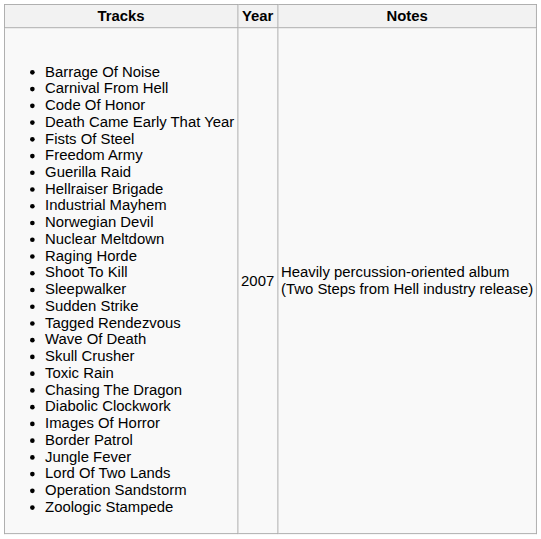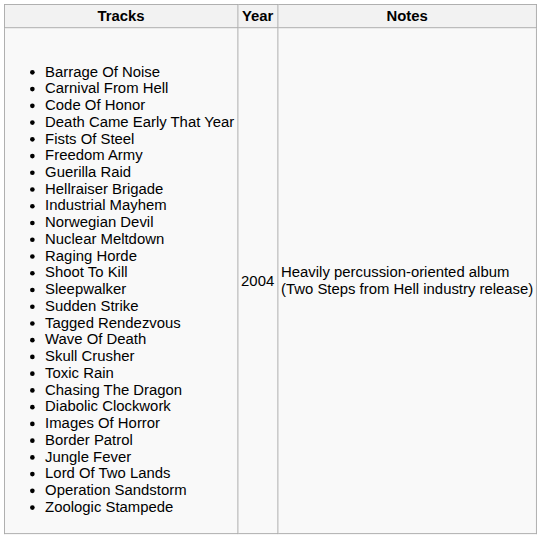 <table class="wikitable sortable">
 <tr>
 <th>Tracks</th>
 <th>Year</th>
 <th>Notes</th>
 </tr>
 <tr>
 <td><br><ul><li>Barrage Of Noise</li><li>Carnival From Hell</li><li>Code Of Honor</li><li>Death Came Early That Year</li><li>Fists Of Steel</li><li>Freedom Army</li><li>Guerilla Raid</li><li>Hellraiser Brigade</li><li>Industrial Mayhem</li><li>Norwegian Devil</li><li>Nuclear Meltdown</li><li>Raging Horde</li><li>Shoot To Kill</li><li>Sleepwalker</li><li>Sudden Strike</li><li>Tagged Rendezvous</li><li>Wave Of Death</li><li>Skull Crusher</li><li>Toxic Rain</li><li>Chasing The Dragon</li><li>Diabolic Clockwork</li><li>Images Of Horror</li><li>Border Patrol</li><li>Jungle Fever</li><li>Lord Of Two Lands</li><li>Operation Sandstorm</li><li>Zoologic Stampede</li></ul></td>
-<td>2007</td>
+<td>2004</td>
 <td>Heavily percussion-oriented album<br>(Two Steps from Hell industry release)</td>
 </tr>
 </table>
